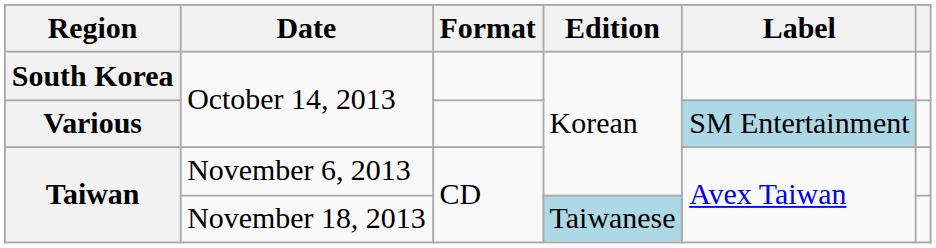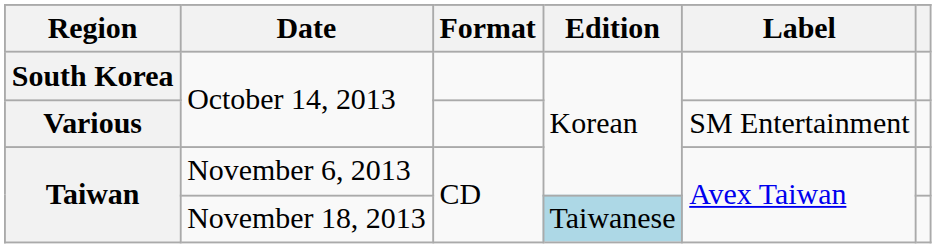 <table class="wikitable plainrowheaders">
 <tr>
 <th scope="col">Region</th>
 <th scope="col">Date</th>
 <th scope="col">Format</th>
 <th scope="col">Edition</th>
 <th scope="col">Label</th>
 <th scope="col"></th>
 </tr>
 <tr>
 <th scope="row">South Korea</th>
 <td rowspan=2>October 14, 2013</td>
 <td></td>
 <td rowspan="3">Korean</td>
 <td></td>
 <td></td>
 </tr>
 <tr>
 <th scope="row">Various</th>
 <td></td>
-<td style="background: lightblue;">SM Entertainment</td>
+<td>SM Entertainment</td>
 <td></td>
 </tr>
 <tr>
 <th scope="row" rowspan=2>Taiwan</th>
 <td>November 6, 2013</td>
 <td rowspan=2>CD</td>
 <td rowspan=2><a href='#'>Avex Taiwan</a></td>
 <td style="text-align:center"></td>
 </tr>
 <tr>
 <td>November 18, 2013</td>
 <td style="background: lightblue;">Taiwanese</td>
 <td style="text-align:center"></td>
 </tr>
 </table>
